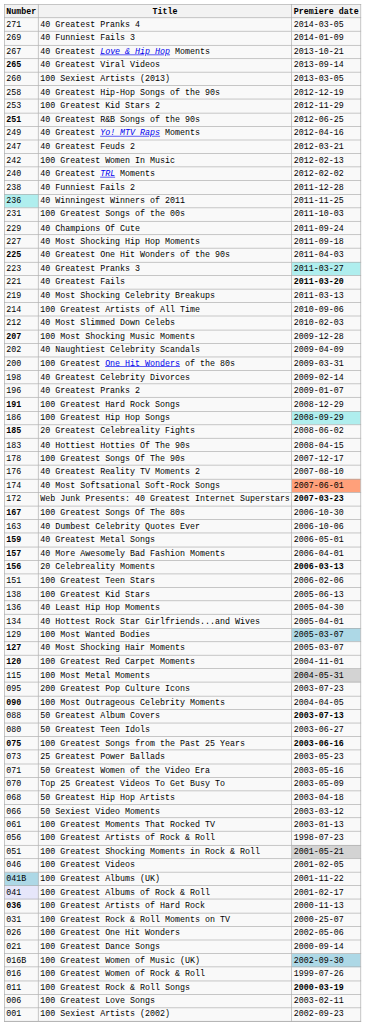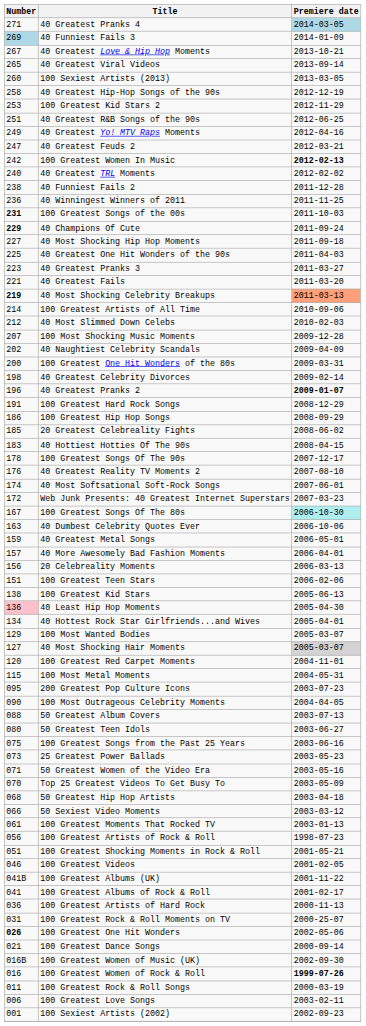 <table class="wikitable" style="sortable" style="text-align: center">
 <tr>
 <th>Number</th>
 <th>Title</th>
 <th>Premiere date</th>
 </tr>
 <tr>
 <td>271</td>
 <td align="left">40 Greatest Pranks 4</td>
-<td>2014-03-05</td>
+<td style="background: lightblue;">2014-03-05</td>
 </tr>
 <tr>
-<td>269</td>
+<td style="background: lightblue;">269</td>
 <td align="left">40 Funniest Fails 3</td>
 <td>2014-01-09</td>
 </tr>
 <tr>
 <td>267</td>
 <td align="left">40 Greatest <em><a href='#'>Love & Hip Hop</a></em> Moments</td>
 <td>2013-10-21</td>
 </tr>
 <tr>
-<td><strong>265</strong></td>
+<td>265</td>
 <td align="left">40 Greatest Viral Videos</td>
 <td>2013-09-14</td>
 </tr>
 <tr>
 <td>260</td>
 <td align="left">100 Sexiest Artists (2013)</td>
 <td>2013-03-05</td>
 </tr>
 <tr>
 <td>258</td>
 <td align="left">40 Greatest Hip-Hop Songs of the 90s</td>
 <td>2012-12-19</td>
 </tr>
 <tr>
 <td>253</td>
 <td align="left">100 Greatest Kid Stars 2</td>
 <td>2012-11-29</td>
 </tr>
 <tr>
-<td><strong>251</strong></td>
+<td>251</td>
 <td align="left">40 Greatest R&B Songs of the 90s</td>
 <td>2012-06-25</td>
 </tr>
 <tr>
 <td>249</td>
 <td align="left">40 Greatest <em><a href='#'>Yo! MTV Raps</a></em> Moments</td>
 <td>2012-04-16</td>
 </tr>
 <tr>
 <td>247</td>
 <td align="left">40 Greatest Feuds 2</td>
 <td>2012-03-21</td>
 </tr>
 <tr>
 <td>242</td>
 <td align="left">100 Greatest Women In Music</td>
-<td>2012-02-13</td>
+<td><strong>2012-02-13</strong></td>
 </tr>
 <tr>
 <td>240</td>
 <td align="left">40 Greatest <em><a href='#'>TRL</a></em> Moments</td>
 <td>2012-02-02</td>
 </tr>
 <tr>
 <td>238</td>
 <td align="left">40 Funniest Fails 2</td>
 <td>2011-12-28</td>
 </tr>
 <tr>
-<td style="background: paleturquoise;">236</td>
+<td>236</td>
 <td align="left">40 Winningest Winners of 2011</td>
 <td>2011-11-25</td>
 </tr>
 <tr>
-<td>231</td>
+<td><strong>231</strong></td>
 <td align="left">100 Greatest Songs of the 00s</td>
 <td>2011-10-03</td>
 </tr>
 <tr>
-<td>229</td>
+<td><strong>229</strong></td>
 <td align="left">40 Champions Of Cute</td>
 <td>2011-09-24</td>
 </tr>
 <tr>
 <td>227</td>
 <td align="left">40 Most Shocking Hip Hop Moments</td>
 <td>2011-09-18</td>
 </tr>
 <tr>
-<td><strong>225</strong></td>
+<td>225</td>
 <td align="left">40 Greatest One Hit Wonders of the 90s</td>
 <td>2011-04-03</td>
 </tr>
 <tr>
 <td>223</td>
 <td align="left">40 Greatest Pranks 3</td>
-<td style="background: paleturquoise;">2011-03-27</td>
+<td>2011-03-27</td>
 </tr>
 <tr>
 <td>221</td>
 <td align="left">40 Greatest Fails</td>
-<td><strong>2011-03-20</strong></td>
+<td>2011-03-20</td>
 </tr>
 <tr>
-<td>219</td>
+<td><strong>219</strong></td>
 <td align="left">40 Most Shocking Celebrity Breakups</td>
-<td>2011-03-13</td>
+<td style="background: lightsalmon;">2011-03-13</td>
 </tr>
 <tr>
 <td>214</td>
 <td align="left">100 Greatest Artists of All Time</td>
 <td>2010-09-06</td>
 </tr>
 <tr>
 <td>212</td>
 <td align="left">40 Most Slimmed Down Celebs</td>
 <td>2010-02-03</td>
 </tr>
 <tr>
-<td><strong>207</strong></td>
+<td>207</td>
 <td align="left">100 Most Shocking Music Moments</td>
 <td>2009-12-28</td>
 </tr>
 <tr>
 <td>202</td>
 <td align="left">40 Naughtiest Celebrity Scandals</td>
 <td>2009-04-09</td>
 </tr>
 <tr>
 <td>200</td>
 <td align="left">100 Greatest <a href='#'>One Hit Wonders</a> of the 80s</td>
 <td>2009-03-31</td>
 </tr>
 <tr>
 <td>198</td>
 <td align="left">40 Greatest Celebrity Divorces</td>
 <td>2009-02-14</td>
 </tr>
 <tr>
 <td>196</td>
 <td align="left">40 Greatest Pranks 2</td>
-<td>2009-01-07</td>
+<td><strong>2009-01-07</strong></td>
 </tr>
 <tr>
-<td><strong>191</strong></td>
+<td>191</td>
 <td align="left">100 Greatest Hard Rock Songs</td>
 <td>2008-12-29</td>
 </tr>
 <tr>
 <td>186</td>
 <td align="left">100 Greatest Hip Hop Songs</td>
-<td style="background: paleturquoise;">2008-09-29</td>
+<td>2008-09-29</td>
 </tr>
 <tr>
-<td><strong>185</strong></td>
+<td>185</td>
 <td align="left">20 Greatest Celebreality Fights</td>
 <td>2008-06-02</td>
 </tr>
 <tr>
 <td>183</td>
 <td align="left">40 Hottiest Hotties Of The 90s</td>
 <td>2008-04-15</td>
 </tr>
 <tr>
 <td>178</td>
 <td align="left">100 Greatest Songs Of The 90s</td>
 <td>2007-12-17</td>
 </tr>
 <tr>
 <td>176</td>
 <td align="left">40 Greatest Reality TV Moments 2</td>
 <td>2007-08-10</td>
 </tr>
 <tr>
 <td>174</td>
 <td align="left">40 Most Softsational Soft-Rock Songs</td>
-<td style="background: lightsalmon;">2007-06-01</td>
+<td>2007-06-01</td>
 </tr>
 <tr>
 <td>172</td>
 <td align="left">Web Junk Presents: 40 Greatest Internet Superstars</td>
-<td><strong>2007-03-23</strong></td>
+<td>2007-03-23</td>
 </tr>
 <tr>
-<td><strong>167</strong></td>
+<td>167</td>
 <td align="left">100 Greatest Songs Of The 80s</td>
-<td>2006-10-30</td>
+<td style="background: paleturquoise;">2006-10-30</td>
 </tr>
 <tr>
 <td>163</td>
 <td align="left">40 Dumbest Celebrity Quotes Ever</td>
 <td>2006-10-06</td>
 </tr>
 <tr>
-<td><strong>159</strong></td>
+<td>159</td>
 <td align="left">40 Greatest Metal Songs</td>
 <td>2006-05-01</td>
 </tr>
 <tr>
-<td><strong>157</strong></td>
+<td>157</td>
 <td align="left">40 More Awesomely Bad Fashion Moments</td>
 <td>2006-04-01</td>
 </tr>
 <tr>
-<td><strong>156</strong></td>
+<td>156</td>
 <td align="left">20 Celebreality Moments</td>
-<td><strong>2006-03-13</strong></td>
+<td>2006-03-13</td>
 </tr>
 <tr>
 <td>151</td>
 <td align="left">100 Greatest Teen Stars</td>
 <td>2006-02-06</td>
 </tr>
 <tr>
 <td>138</td>
 <td align="left">100 Greatest Kid Stars</td>
 <td>2005-06-13</td>
 </tr>
 <tr>
-<td>136</td>
+<td style="background: pink;">136</td>
 <td align="left">40 Least Hip Hop Moments</td>
 <td>2005-04-30</td>
 </tr>
 <tr>
 <td>134</td>
 <td align="left">40 Hottest Rock Star Girlfriends...and Wives</td>
 <td>2005-04-01</td>
 </tr>
 <tr>
 <td>129</td>
 <td align="left">100 Most Wanted Bodies</td>
-<td style="background: lightblue;">2005-03-07</td>
-</tr>
-<tr>
-<td><strong>127</strong></td>
-<td align="left">40 Most Shocking Hair Moments</td>
 <td>2005-03-07</td>
 </tr>
 <tr>
-<td><strong>120</strong></td>
+<td>127</td>
+<td align="left">40 Most Shocking Hair Moments</td>
+<td style="background: lightgrey;">2005-03-07</td>
+</tr>
+<tr>
+<td>120</td>
 <td align="left">100 Greatest Red Carpet Moments</td>
 <td>2004-11-01</td>
 </tr>
 <tr>
 <td>115</td>
 <td align="left">100 Most Metal Moments</td>
-<td style="background: lightgrey;">2004-05-31</td>
+<td>2004-05-31</td>
 </tr>
 <tr>
 <td>095</td>
 <td align="left">200 Greatest Pop Culture Icons</td>
 <td>2003-07-23</td>
 </tr>
 <tr>
-<td><strong>090</strong></td>
+<td>090</td>
 <td align="left">100 Most Outrageous Celebrity Moments</td>
 <td>2004-04-05</td>
 </tr>
 <tr>
 <td>088</td>
 <td align="left">50 Greatest Album Covers</td>
-<td><strong>2003-07-13</strong></td>
+<td>2003-07-13</td>
 </tr>
 <tr>
 <td>080</td>
 <td align="left">50 Greatest Teen Idols</td>
 <td>2003-06-27</td>
 </tr>
 <tr>
-<td><strong>075</strong></td>
+<td>075</td>
 <td align="left">100 Greatest Songs from the Past 25 Years</td>
-<td><strong>2003-06-16</strong></td>
+<td>2003-06-16</td>
 </tr>
 <tr>
 <td>073</td>
 <td align="left">25 Greatest Power Ballads</td>
 <td>2003-05-23</td>
 </tr>
 <tr>
 <td>071</td>
 <td align="left">50 Greatest Women of the Video Era</td>
 <td>2003-05-16</td>
 </tr>
 <tr>
 <td>070</td>
 <td align="left">Top 25 Greatest Videos To Get Busy To</td>
 <td>2003-05-09</td>
 </tr>
 <tr>
 <td>068</td>
 <td align="left">50 Greatest Hip Hop Artists</td>
 <td>2003-04-18</td>
 </tr>
 <tr>
 <td>066</td>
 <td align="left">50 Sexiest Video Moments</td>
 <td>2003-03-12</td>
 </tr>
 <tr>
 <td>061</td>
 <td align="left">100 Greatest Moments That Rocked TV</td>
 <td>2003-01-13</td>
 </tr>
 <tr>
 <td>056</td>
 <td align="left">100 Greatest Artists of Rock & Roll</td>
 <td>1998-07-23</td>
 </tr>
 <tr>
 <td>051</td>
 <td align="left">100 Greatest Shocking Moments in Rock & Roll</td>
-<td style="background: lightgrey;">2001-05-21</td>
+<td>2001-05-21</td>
 </tr>
 <tr>
 <td>046</td>
 <td align="left">100 Greatest Videos</td>
 <td>2001-02-05</td>
 </tr>
 <tr>
-<td style="background: lightblue;">041B</td>
+<td>041B</td>
 <td align="left">100 Greatest Albums (UK)</td>
 <td>2001-11-22</td>
 </tr>
 <tr>
-<td style="background: lavender;">041</td>
+<td>041</td>
 <td align="left">100 Greatest Albums of Rock & Roll</td>
 <td>2001-02-17</td>
 </tr>
 <tr>
-<td><strong>036</strong></td>
+<td>036</td>
 <td align="left">100 Greatest Artists of Hard Rock</td>
 <td>2000-11-13</td>
 </tr>
 <tr>
 <td>031</td>
 <td align="left">100 Greatest Rock & Roll Moments on TV</td>
 <td>2000-25-07</td>
 </tr>
 <tr>
-<td>026</td>
+<td><strong>026</strong></td>
 <td align="left">100 Greatest One Hit Wonders</td>
 <td>2002-05-06</td>
 </tr>
 <tr>
 <td>021</td>
 <td align="left">100 Greatest Dance Songs</td>
 <td>2000-09-14</td>
 </tr>
 <tr>
 <td>016B</td>
 <td align="left">100 Greatest Women of Music (UK)</td>
-<td style="background: lightblue;">2002-09-30</td>
+<td>2002-09-30</td>
 </tr>
 <tr>
 <td>016</td>
 <td align="left">100 Greatest Women of Rock & Roll</td>
-<td>1999-07-26</td>
+<td><strong>1999-07-26</strong></td>
 </tr>
 <tr>
 <td>011</td>
 <td align="left">100 Greatest Rock & Roll Songs</td>
-<td><strong>2000-03-19</strong></td>
+<td>2000-03-19</td>
 </tr>
 <tr>
 <td>006</td>
 <td align="left">100 Greatest Love Songs</td>
 <td>2003-02-11</td>
 </tr>
 <tr>
 <td>001</td>
 <td align="left">100 Sexiest Artists (2002)</td>
 <td>2002-09-23</td>
 </tr>
 <tr>
 </tr>
 </table>
